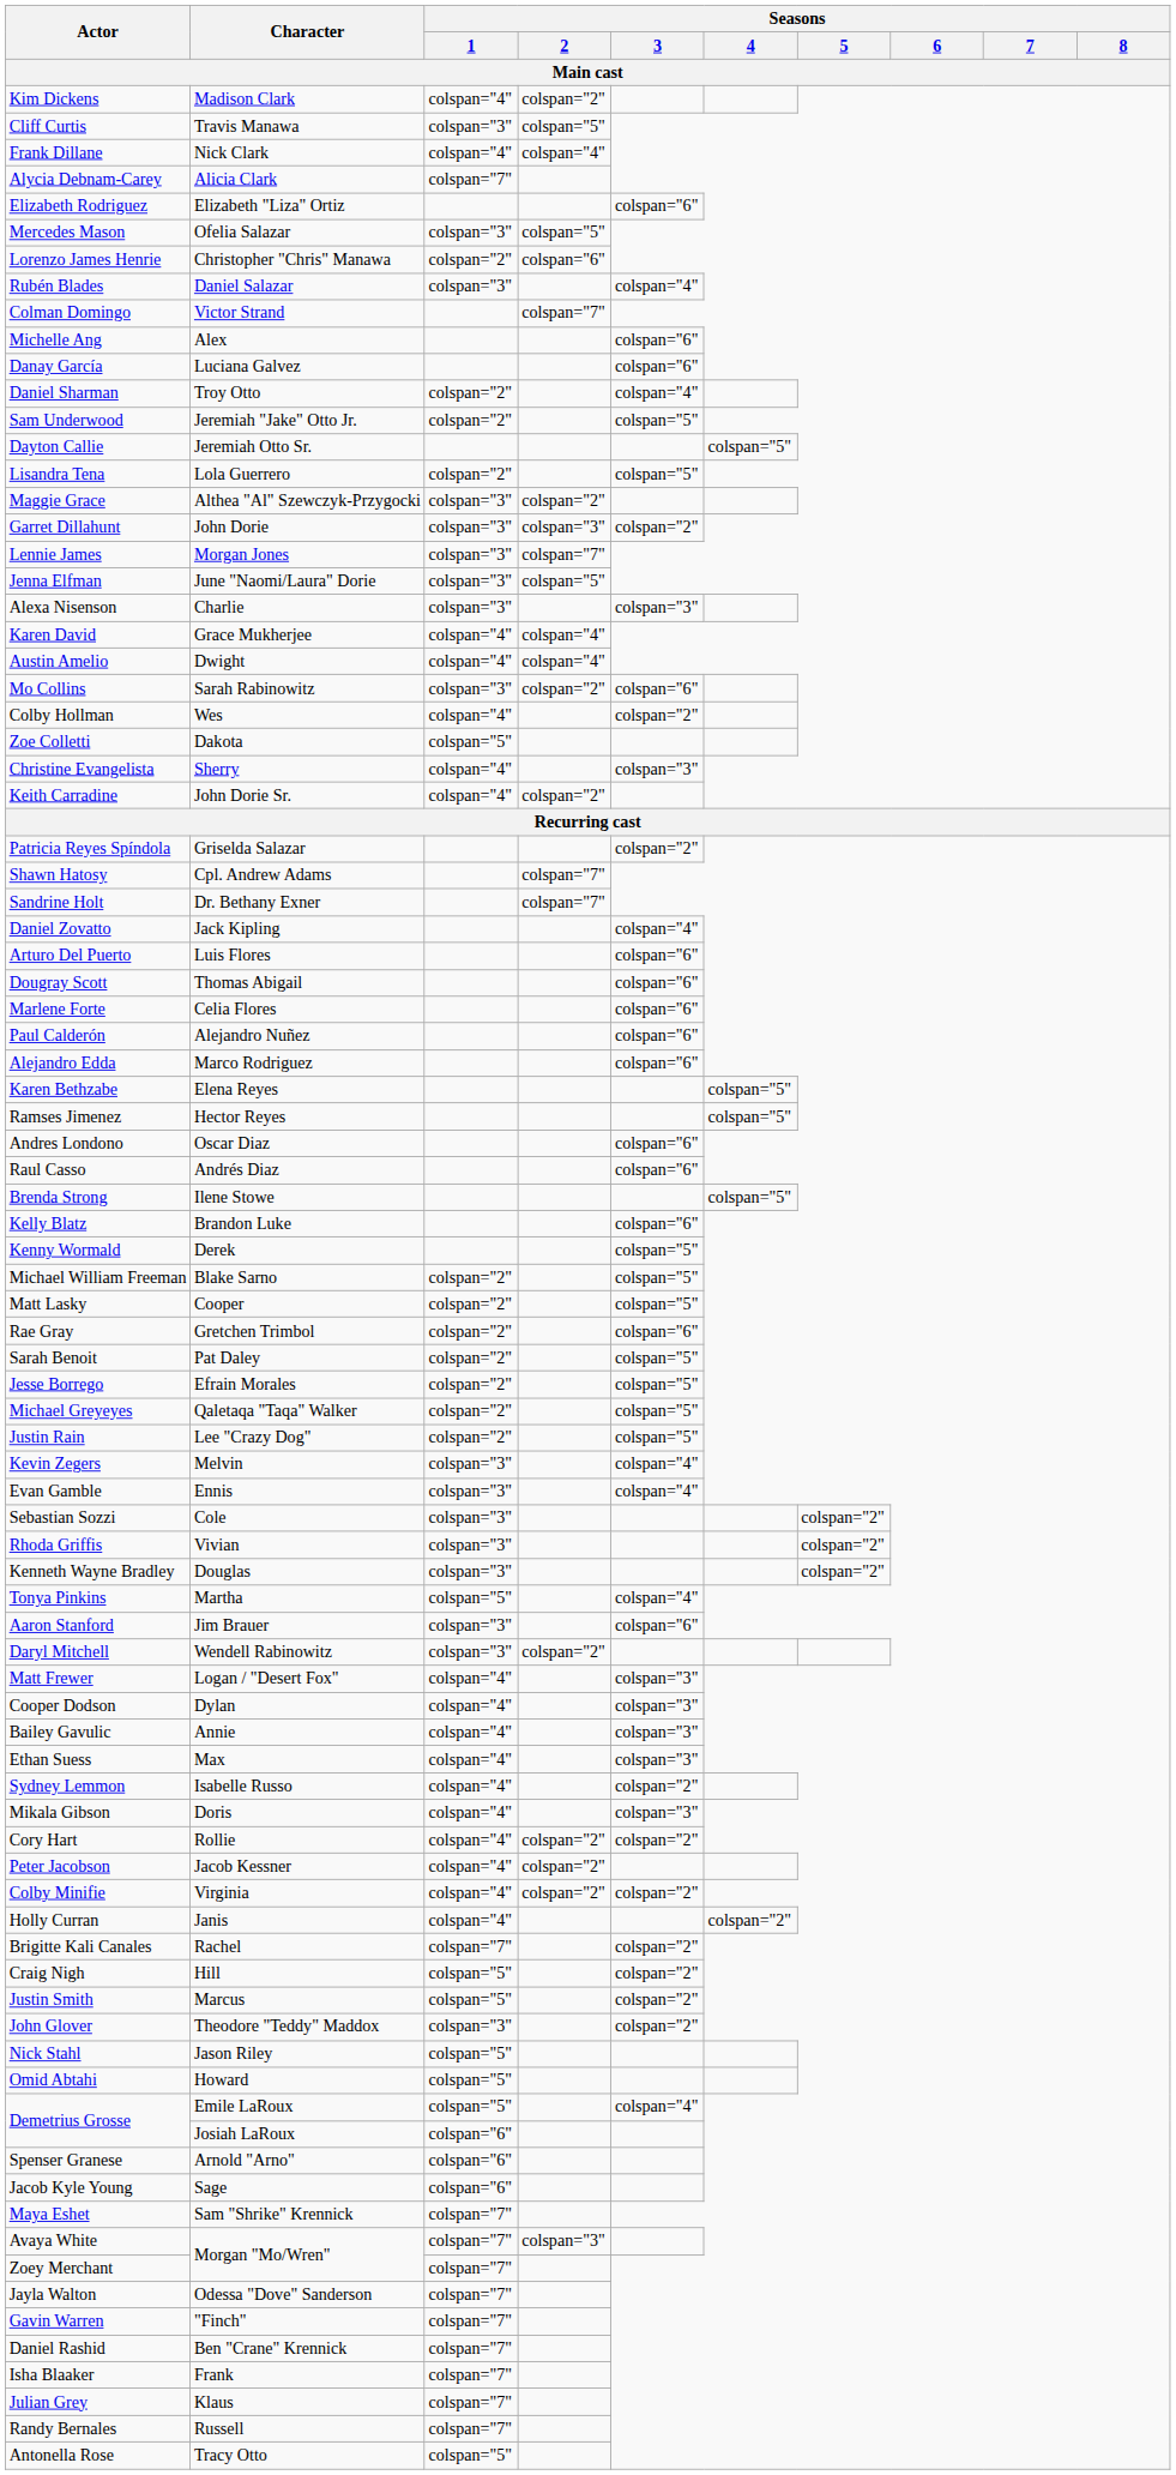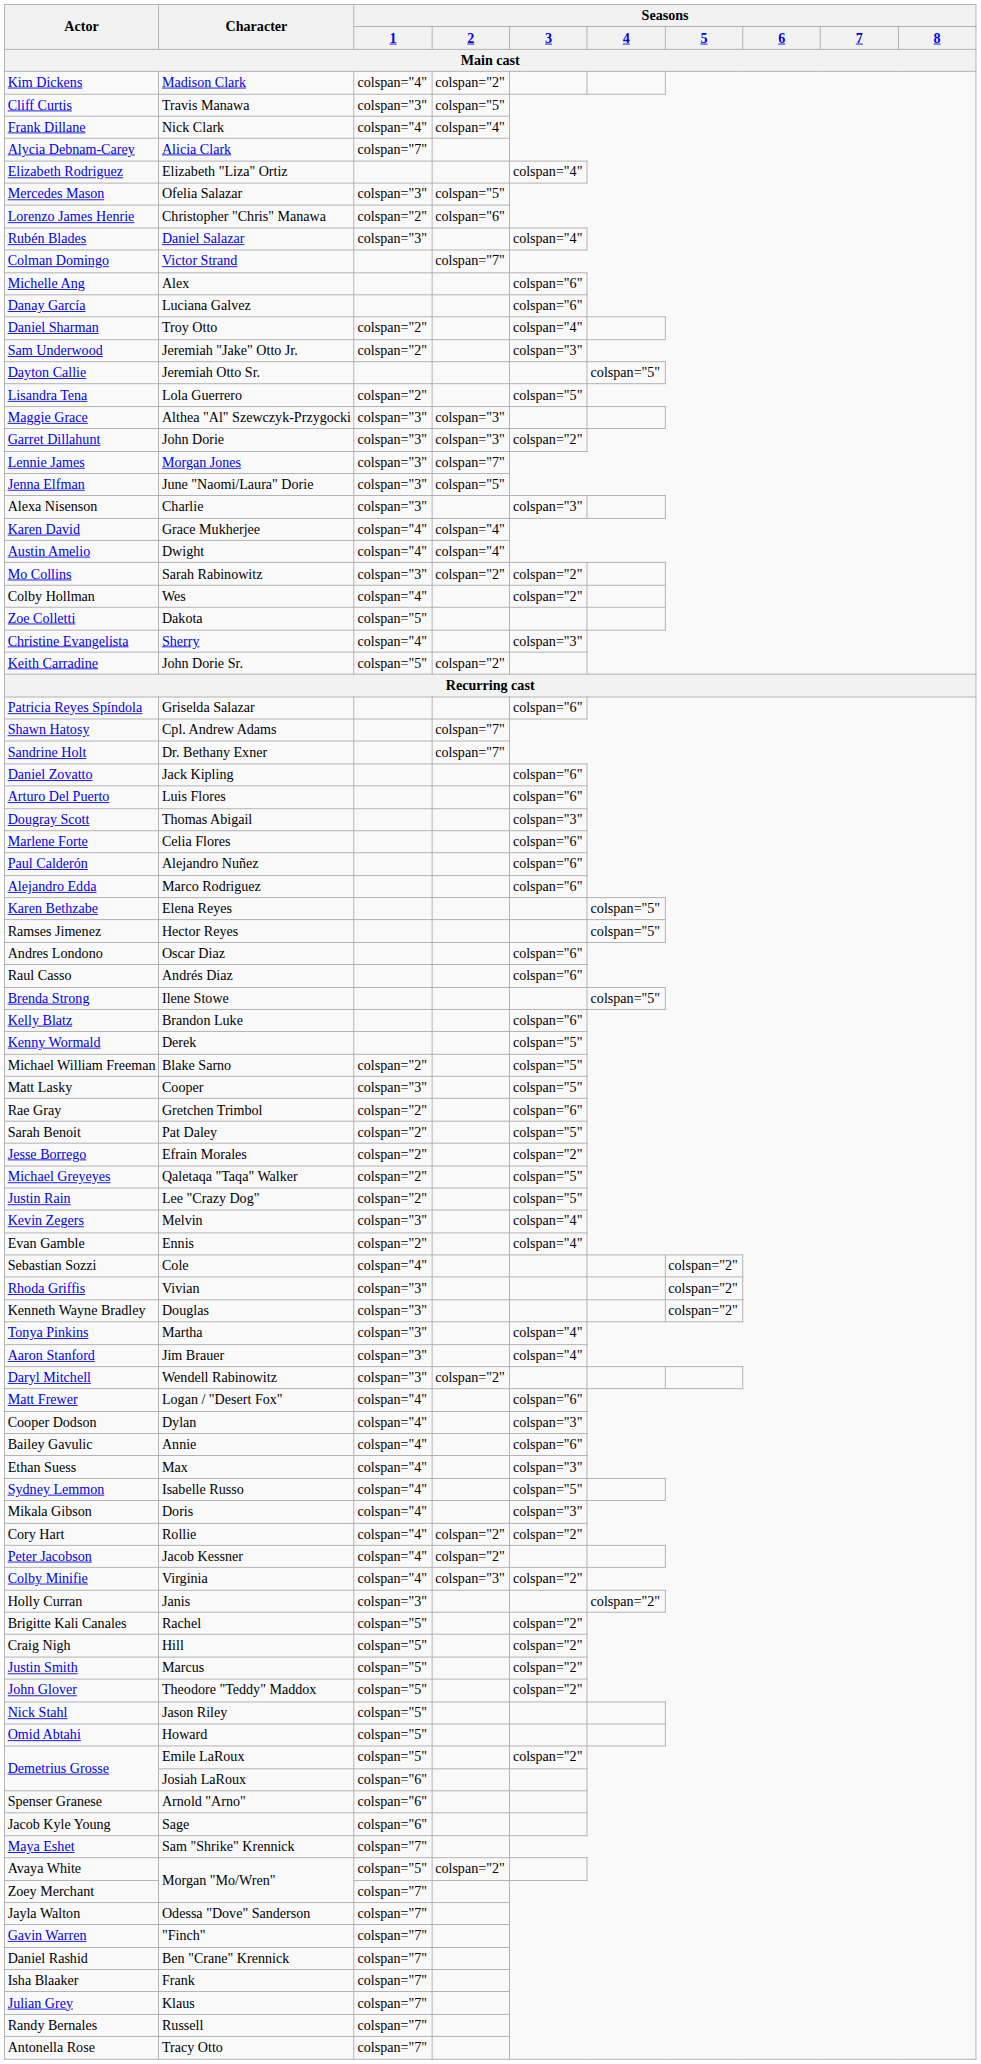 <table class="wikitable plainrowheaders">
 <tr>
 <th scope="col" rowspan="2">Actor</th>
 <th scope="col" rowspan="2">Character</th>
 <th scope="col" colspan="8">Seasons</th>
 </tr>
 <tr>
 <th scope="col" style="width:8%;"><a href='#'>1</a></th>
 <th scope="col" style="width:8%;"><a href='#'>2</a></th>
 <th scope="col" style="width:8%;"><a href='#'>3</a></th>
 <th scope="col" style="width:8%;"><a href='#'>4</a></th>
 <th scope="col" style="width:8%;"><a href='#'>5</a></th>
 <th scope="col" style="width:8%;"><a href='#'>6</a></th>
 <th scope="col" style="width:8%;"><a href='#'>7</a></th>
 <th scope="col" style="width:8%;"><a href='#'>8</a></th>
 </tr>
 <tr>
 <th colspan=10>Main cast</th>
 </tr>
 <tr>
 <td scope="row"><a href='#'>Kim Dickens</a></td>
 <td><a href='#'>Madison Clark</a></td>
 <td>colspan="4" </td>
 <td>colspan="2" </td>
 <td></td>
 <td></td>
 </tr>
 <tr>
 <td scope="row"><a href='#'>Cliff Curtis</a></td>
 <td>Travis Manawa</td>
 <td>colspan="3" </td>
 <td>colspan="5" </td>
 </tr>
 <tr>
 <td scope="row"><a href='#'>Frank Dillane</a></td>
 <td>Nick Clark</td>
 <td>colspan="4" </td>
 <td>colspan="4" </td>
 </tr>
 <tr>
 <td scope="row"><a href='#'>Alycia Debnam-Carey</a></td>
 <td><a href='#'>Alicia Clark</a></td>
 <td>colspan="7" </td>
 <td></td>
 </tr>
 <tr>
 <td scope="row"><a href='#'>Elizabeth Rodriguez</a></td>
 <td>Elizabeth "Liza" Ortiz</td>
 <td></td>
 <td></td>
-<td>colspan="6" </td>
+<td>colspan="4" </td>
 </tr>
 <tr>
 <td scope="row"><a href='#'>Mercedes Mason</a></td>
 <td>Ofelia Salazar</td>
 <td>colspan="3" </td>
 <td>colspan="5" </td>
 </tr>
 <tr>
 <td scope="row"><a href='#'>Lorenzo James Henrie</a></td>
 <td>Christopher "Chris" Manawa</td>
 <td>colspan="2" </td>
 <td>colspan="6" </td>
 </tr>
 <tr>
 <td scope="row"><a href='#'>Rubén Blades</a></td>
 <td><a href='#'>Daniel Salazar</a></td>
 <td>colspan="3" </td>
 <td></td>
 <td>colspan="4" </td>
 </tr>
 <tr>
 <td scope="row"><a href='#'>Colman Domingo</a></td>
 <td><a href='#'>Victor Strand</a></td>
 <td></td>
 <td>colspan="7" </td>
 </tr>
 <tr>
 <td scope="row"><a href='#'>Michelle Ang</a></td>
 <td>Alex</td>
 <td></td>
 <td></td>
 <td>colspan="6" </td>
 </tr>
 <tr>
 <td scope="row"><a href='#'>Danay García</a></td>
 <td>Luciana Galvez</td>
 <td></td>
 <td></td>
 <td>colspan="6" </td>
 </tr>
 <tr>
 <td scope="row"><a href='#'>Daniel Sharman</a></td>
 <td>Troy Otto</td>
 <td>colspan="2" </td>
 <td></td>
 <td>colspan="4" </td>
 <td></td>
 </tr>
 <tr>
 <td scope="row"><a href='#'>Sam Underwood</a></td>
 <td>Jeremiah "Jake" Otto Jr.</td>
 <td>colspan="2" </td>
 <td></td>
-<td>colspan="5" </td>
+<td>colspan="3" </td>
 </tr>
 <tr>
 <td scope="row"><a href='#'>Dayton Callie</a></td>
 <td>Jeremiah Otto Sr.</td>
 <td></td>
 <td></td>
 <td></td>
 <td>colspan="5" </td>
 </tr>
 <tr>
 <td scope="row"><a href='#'>Lisandra Tena</a></td>
 <td>Lola Guerrero</td>
 <td>colspan="2" </td>
 <td></td>
 <td>colspan="5" </td>
 </tr>
 <tr>
 <td scope="row"><a href='#'>Maggie Grace</a></td>
 <td>Althea "Al" Szewczyk-Przygocki</td>
 <td>colspan="3" </td>
-<td>colspan="2" </td>
+<td>colspan="3" </td>
 <td></td>
 <td></td>
 </tr>
 <tr>
 <td scope="row"><a href='#'>Garret Dillahunt</a></td>
 <td>John Dorie</td>
 <td>colspan="3" </td>
 <td>colspan="3" </td>
 <td>colspan="2" </td>
 </tr>
 <tr>
 <td scope="row"><a href='#'>Lennie James</a></td>
 <td><a href='#'>Morgan Jones</a></td>
 <td>colspan="3" </td>
 <td>colspan="7" </td>
 </tr>
 <tr>
 <td scope="row"><a href='#'>Jenna Elfman</a></td>
 <td>June "Naomi/Laura" Dorie</td>
 <td>colspan="3" </td>
 <td>colspan="5" </td>
 </tr>
 <tr>
 <td scope="row">Alexa Nisenson</td>
 <td>Charlie</td>
 <td>colspan="3" </td>
 <td></td>
 <td>colspan="3" </td>
 <td></td>
 </tr>
 <tr>
 <td scope="row"><a href='#'>Karen David</a></td>
 <td>Grace Mukherjee</td>
 <td>colspan="4" </td>
 <td>colspan="4" </td>
 </tr>
 <tr>
 <td scope="row"><a href='#'>Austin Amelio</a></td>
 <td>Dwight</td>
 <td>colspan="4" </td>
 <td>colspan="4" </td>
 </tr>
 <tr>
 <td scope="row"><a href='#'>Mo Collins</a></td>
 <td>Sarah Rabinowitz</td>
 <td>colspan="3" </td>
 <td>colspan="2" </td>
-<td>colspan="6" </td>
+<td>colspan="2" </td>
 <td></td>
 </tr>
 <tr>
 <td scope="row">Colby Hollman</td>
 <td>Wes</td>
 <td>colspan="4" </td>
 <td></td>
 <td>colspan="2" </td>
 <td></td>
 </tr>
 <tr>
 <td scope="row"><a href='#'>Zoe Colletti</a></td>
 <td>Dakota</td>
 <td>colspan="5" </td>
 <td></td>
 <td></td>
 <td></td>
 </tr>
 <tr>
 <td scope="row"><a href='#'>Christine Evangelista</a></td>
 <td><a href='#'>Sherry</a></td>
 <td>colspan="4" </td>
 <td></td>
 <td>colspan="3" </td>
 </tr>
 <tr>
 <td scope="row"><a href='#'>Keith Carradine</a></td>
 <td>John Dorie Sr.</td>
-<td>colspan="4" </td>
+<td>colspan="5" </td>
 <td>colspan="2" </td>
 <td></td>
 </tr>
 <tr>
 <th colspan=10>Recurring cast</th>
 </tr>
 <tr>
 <td scope="row"><a href='#'>Patricia Reyes Spíndola</a></td>
 <td>Griselda Salazar</td>
 <td></td>
 <td></td>
-<td>colspan="2" </td>
+<td>colspan="6" </td>
 </tr>
 <tr>
 <td scope="row"><a href='#'>Shawn Hatosy</a></td>
 <td scope="row">Cpl. Andrew Adams</td>
 <td></td>
 <td>colspan="7" </td>
 </tr>
 <tr>
 <td scope="row"><a href='#'>Sandrine Holt</a></td>
 <td scope="row">Dr. Bethany Exner</td>
 <td></td>
 <td>colspan="7" </td>
 </tr>
 <tr>
 <td scope="row"><a href='#'>Daniel Zovatto</a></td>
 <td>Jack Kipling</td>
 <td></td>
 <td></td>
-<td>colspan="4" </td>
+<td>colspan="6" </td>
 </tr>
 <tr>
 <td scope="row"><a href='#'>Arturo Del Puerto</a></td>
 <td>Luis Flores</td>
 <td></td>
 <td></td>
 <td>colspan="6" </td>
 </tr>
 <tr>
 <td scope="row"><a href='#'>Dougray Scott</a></td>
 <td>Thomas Abigail</td>
 <td></td>
 <td></td>
-<td>colspan="6" </td>
+<td>colspan="3" </td>
 </tr>
 <tr>
 <td scope="row"><a href='#'>Marlene Forte</a></td>
 <td>Celia Flores</td>
 <td></td>
 <td></td>
 <td>colspan="6" </td>
 </tr>
 <tr>
 <td scope="row"><a href='#'>Paul Calderón</a></td>
 <td>Alejandro Nuñez</td>
 <td></td>
 <td></td>
 <td>colspan="6" </td>
 </tr>
 <tr>
 <td scope="row"><a href='#'>Alejandro Edda</a></td>
 <td>Marco Rodriguez</td>
 <td></td>
 <td></td>
 <td>colspan="6" </td>
 </tr>
 <tr>
 <td scope="row"><a href='#'>Karen Bethzabe</a></td>
 <td>Elena Reyes</td>
 <td></td>
 <td></td>
 <td></td>
 <td>colspan="5" </td>
 </tr>
 <tr>
 <td scope="row">Ramses Jimenez</td>
 <td>Hector Reyes</td>
 <td></td>
 <td></td>
 <td></td>
 <td>colspan="5" </td>
 </tr>
 <tr>
 <td scope="row">Andres Londono</td>
 <td>Oscar Diaz</td>
 <td></td>
 <td></td>
 <td>colspan="6" </td>
 </tr>
 <tr>
 <td scope="row">Raul Casso</td>
 <td>Andrés Diaz</td>
 <td></td>
 <td></td>
 <td>colspan="6" </td>
 </tr>
 <tr>
 <td scope="row"><a href='#'>Brenda Strong</a></td>
 <td>Ilene Stowe</td>
 <td></td>
 <td></td>
 <td></td>
 <td>colspan="5" </td>
 </tr>
 <tr>
 <td scope="row"><a href='#'>Kelly Blatz</a></td>
 <td>Brandon Luke</td>
 <td></td>
 <td></td>
 <td>colspan="6" </td>
 </tr>
 <tr>
 <td scope="row"><a href='#'>Kenny Wormald</a></td>
 <td>Derek</td>
 <td></td>
 <td></td>
 <td>colspan="5" </td>
 </tr>
 <tr>
 <td scope="row">Michael William Freeman</td>
 <td>Blake Sarno</td>
 <td>colspan="2" </td>
 <td></td>
 <td>colspan="5" </td>
 </tr>
 <tr>
 <td scope="row">Matt Lasky</td>
 <td>Cooper</td>
-<td>colspan="2" </td>
+<td>colspan="3" </td>
 <td></td>
 <td>colspan="5" </td>
 </tr>
 <tr>
 <td scope="row">Rae Gray</td>
 <td>Gretchen Trimbol</td>
 <td>colspan="2" </td>
 <td></td>
 <td>colspan="6" </td>
 </tr>
 <tr>
 <td scope="row">Sarah Benoit</td>
 <td>Pat Daley</td>
 <td>colspan="2" </td>
 <td></td>
 <td>colspan="5" </td>
 </tr>
 <tr>
 <td scope="row"><a href='#'>Jesse Borrego</a></td>
 <td>Efrain Morales</td>
 <td>colspan="2" </td>
 <td></td>
-<td>colspan="5" </td>
+<td>colspan="2" </td>
 </tr>
 <tr>
 <td scope="row"><a href='#'>Michael Greyeyes</a></td>
 <td>Qaletaqa "Taqa" Walker</td>
 <td>colspan="2" </td>
 <td></td>
 <td>colspan="5" </td>
 </tr>
 <tr>
 <td scope="row"><a href='#'>Justin Rain</a></td>
 <td>Lee "Crazy Dog"</td>
 <td>colspan="2" </td>
 <td></td>
 <td>colspan="5" </td>
 </tr>
 <tr>
 <td scope="row"><a href='#'>Kevin Zegers</a></td>
 <td>Melvin</td>
 <td>colspan="3" </td>
 <td></td>
 <td>colspan="4" </td>
 </tr>
 <tr>
 <td scope="row">Evan Gamble</td>
 <td>Ennis</td>
-<td>colspan="3" </td>
+<td>colspan="2" </td>
 <td></td>
 <td>colspan="4" </td>
 </tr>
 <tr>
 <td scope="row">Sebastian Sozzi</td>
 <td>Cole</td>
-<td>colspan="3" </td>
+<td>colspan="4" </td>
 <td></td>
 <td></td>
 <td></td>
 <td>colspan="2" </td>
 </tr>
 <tr>
 <td scope="row"><a href='#'>Rhoda Griffis</a></td>
 <td>Vivian</td>
 <td>colspan="3" </td>
 <td></td>
 <td></td>
 <td></td>
 <td>colspan="2" </td>
 </tr>
 <tr>
 <td scope="row">Kenneth Wayne Bradley</td>
 <td>Douglas</td>
 <td>colspan="3" </td>
 <td></td>
 <td></td>
 <td></td>
 <td>colspan="2" </td>
 </tr>
 <tr>
 <td scope="row"><a href='#'>Tonya Pinkins</a></td>
 <td>Martha</td>
-<td>colspan="5" </td>
+<td>colspan="3" </td>
 <td></td>
 <td>colspan="4" </td>
 </tr>
 <tr>
 <td scope="row"><a href='#'>Aaron Stanford</a></td>
 <td>Jim Brauer</td>
 <td>colspan="3" </td>
 <td></td>
-<td>colspan="6" </td>
+<td>colspan="4" </td>
 </tr>
 <tr>
 <td scope="row"><a href='#'>Daryl Mitchell</a></td>
 <td>Wendell Rabinowitz</td>
 <td>colspan="3" </td>
 <td>colspan="2" </td>
 <td></td>
 <td></td>
 <td></td>
 </tr>
 <tr>
 <td scope="row"><a href='#'>Matt Frewer</a></td>
 <td>Logan / "Desert Fox"</td>
 <td>colspan="4" </td>
 <td></td>
-<td>colspan="3" </td>
+<td>colspan="6" </td>
 </tr>
 <tr>
 <td scope="row">Cooper Dodson</td>
 <td>Dylan</td>
 <td>colspan="4" </td>
 <td></td>
 <td>colspan="3" </td>
 </tr>
 <tr>
 <td scope="row">Bailey Gavulic</td>
 <td>Annie</td>
 <td>colspan="4" </td>
 <td></td>
-<td>colspan="3" </td>
+<td>colspan="6" </td>
 </tr>
 <tr>
 <td scope="row">Ethan Suess</td>
 <td>Max</td>
 <td>colspan="4" </td>
 <td></td>
 <td>colspan="3" </td>
 </tr>
 <tr>
 <td scope="row"><a href='#'>Sydney Lemmon</a></td>
 <td>Isabelle Russo</td>
 <td>colspan="4" </td>
 <td></td>
-<td>colspan="2" </td>
+<td>colspan="5" </td>
 <td></td>
 </tr>
 <tr>
 <td scope="row">Mikala Gibson</td>
 <td>Doris</td>
 <td>colspan="4" </td>
 <td></td>
 <td>colspan="3" </td>
 </tr>
 <tr>
 <td scope="row">Cory Hart</td>
 <td>Rollie</td>
 <td>colspan="4" </td>
 <td>colspan="2" </td>
 <td>colspan="2" </td>
 </tr>
 <tr>
 <td scope="row"><a href='#'>Peter Jacobson</a></td>
 <td>Jacob Kessner</td>
 <td>colspan="4" </td>
 <td>colspan="2" </td>
 <td></td>
 <td></td>
 </tr>
 <tr>
 <td scope="row"><a href='#'>Colby Minifie</a></td>
 <td>Virginia</td>
 <td>colspan="4" </td>
-<td>colspan="2" </td>
+<td>colspan="3" </td>
 <td>colspan="2" </td>
 </tr>
 <tr>
 <td scope="row">Holly Curran</td>
 <td>Janis</td>
-<td>colspan="4" </td>
+<td>colspan="3" </td>
 <td></td>
 <td></td>
 <td>colspan="2" </td>
 </tr>
 <tr>
 <td scope="row">Brigitte Kali Canales</td>
 <td>Rachel</td>
-<td>colspan="7" </td>
+<td>colspan="5" </td>
 <td></td>
 <td>colspan="2" </td>
 </tr>
 <tr>
 <td scope="row">Craig Nigh</td>
 <td>Hill</td>
 <td>colspan="5" </td>
 <td></td>
 <td>colspan="2" </td>
 </tr>
 <tr>
 <td scope="row"><a href='#'>Justin Smith</a></td>
 <td>Marcus</td>
 <td>colspan="5" </td>
 <td></td>
 <td>colspan="2" </td>
 </tr>
 <tr>
 <td scope="row"><a href='#'>John Glover</a></td>
 <td>Theodore "Teddy" Maddox</td>
-<td>colspan="3" </td>
+<td>colspan="5" </td>
 <td></td>
 <td>colspan="2" </td>
 </tr>
 <tr>
 <td scope="row"><a href='#'>Nick Stahl</a></td>
 <td>Jason Riley</td>
 <td>colspan="5" </td>
 <td></td>
 <td></td>
 <td></td>
 </tr>
 <tr>
 <td scope="row"><a href='#'>Omid Abtahi</a></td>
 <td>Howard</td>
 <td>colspan="5" </td>
 <td></td>
 <td></td>
 <td></td>
 </tr>
 <tr>
 <td rowspan="2"><a href='#'>Demetrius Grosse</a></td>
 <td>Emile LaRoux</td>
 <td>colspan="5" </td>
 <td></td>
-<td>colspan="4" </td>
+<td>colspan="2" </td>
 </tr>
 <tr>
 <td>Josiah LaRoux</td>
 <td>colspan="6" </td>
 <td></td>
 <td></td>
 </tr>
 <tr>
 <td scope="row">Spenser Granese</td>
 <td>Arnold "Arno"</td>
 <td>colspan="6" </td>
 <td></td>
 <td></td>
 </tr>
 <tr>
 <td scope="row">Jacob Kyle Young</td>
 <td>Sage</td>
 <td>colspan="6" </td>
 <td></td>
 <td></td>
 </tr>
 <tr>
 <td><a href='#'>Maya Eshet</a></td>
 <td>Sam "Shrike" Krennick</td>
 <td>colspan="7" </td>
 <td></td>
 </tr>
 <tr>
 <td>Avaya White</td>
 <td rowspan="2">Morgan "Mo/Wren"</td>
-<td>colspan="7" </td>
-<td>colspan="3" </td>
+<td>colspan="5" </td>
+<td>colspan="2" </td>
 <td></td>
 </tr>
 <tr>
 <td>Zoey Merchant</td>
 <td>colspan="7" </td>
 <td></td>
 </tr>
 <tr>
 <td>Jayla Walton</td>
 <td>Odessa "Dove" Sanderson</td>
 <td>colspan="7" </td>
 <td></td>
 </tr>
 <tr>
 <td><a href='#'>Gavin Warren</a></td>
 <td>"Finch"</td>
 <td>colspan="7" </td>
 <td></td>
 </tr>
 <tr>
 <td>Daniel Rashid</td>
 <td>Ben "Crane" Krennick</td>
 <td>colspan="7" </td>
 <td></td>
 </tr>
 <tr>
 <td>Isha Blaaker</td>
 <td>Frank</td>
 <td>colspan="7" </td>
 <td></td>
 </tr>
 <tr>
 <td><a href='#'>Julian Grey</a></td>
 <td>Klaus</td>
 <td>colspan="7" </td>
 <td></td>
 </tr>
 <tr>
 <td>Randy Bernales</td>
 <td>Russell</td>
 <td>colspan="7" </td>
 <td></td>
 </tr>
 <tr>
 <td>Antonella Rose</td>
 <td>Tracy Otto</td>
-<td>colspan="5" </td>
+<td>colspan="7" </td>
 <td></td>
 </tr>
 </table>
